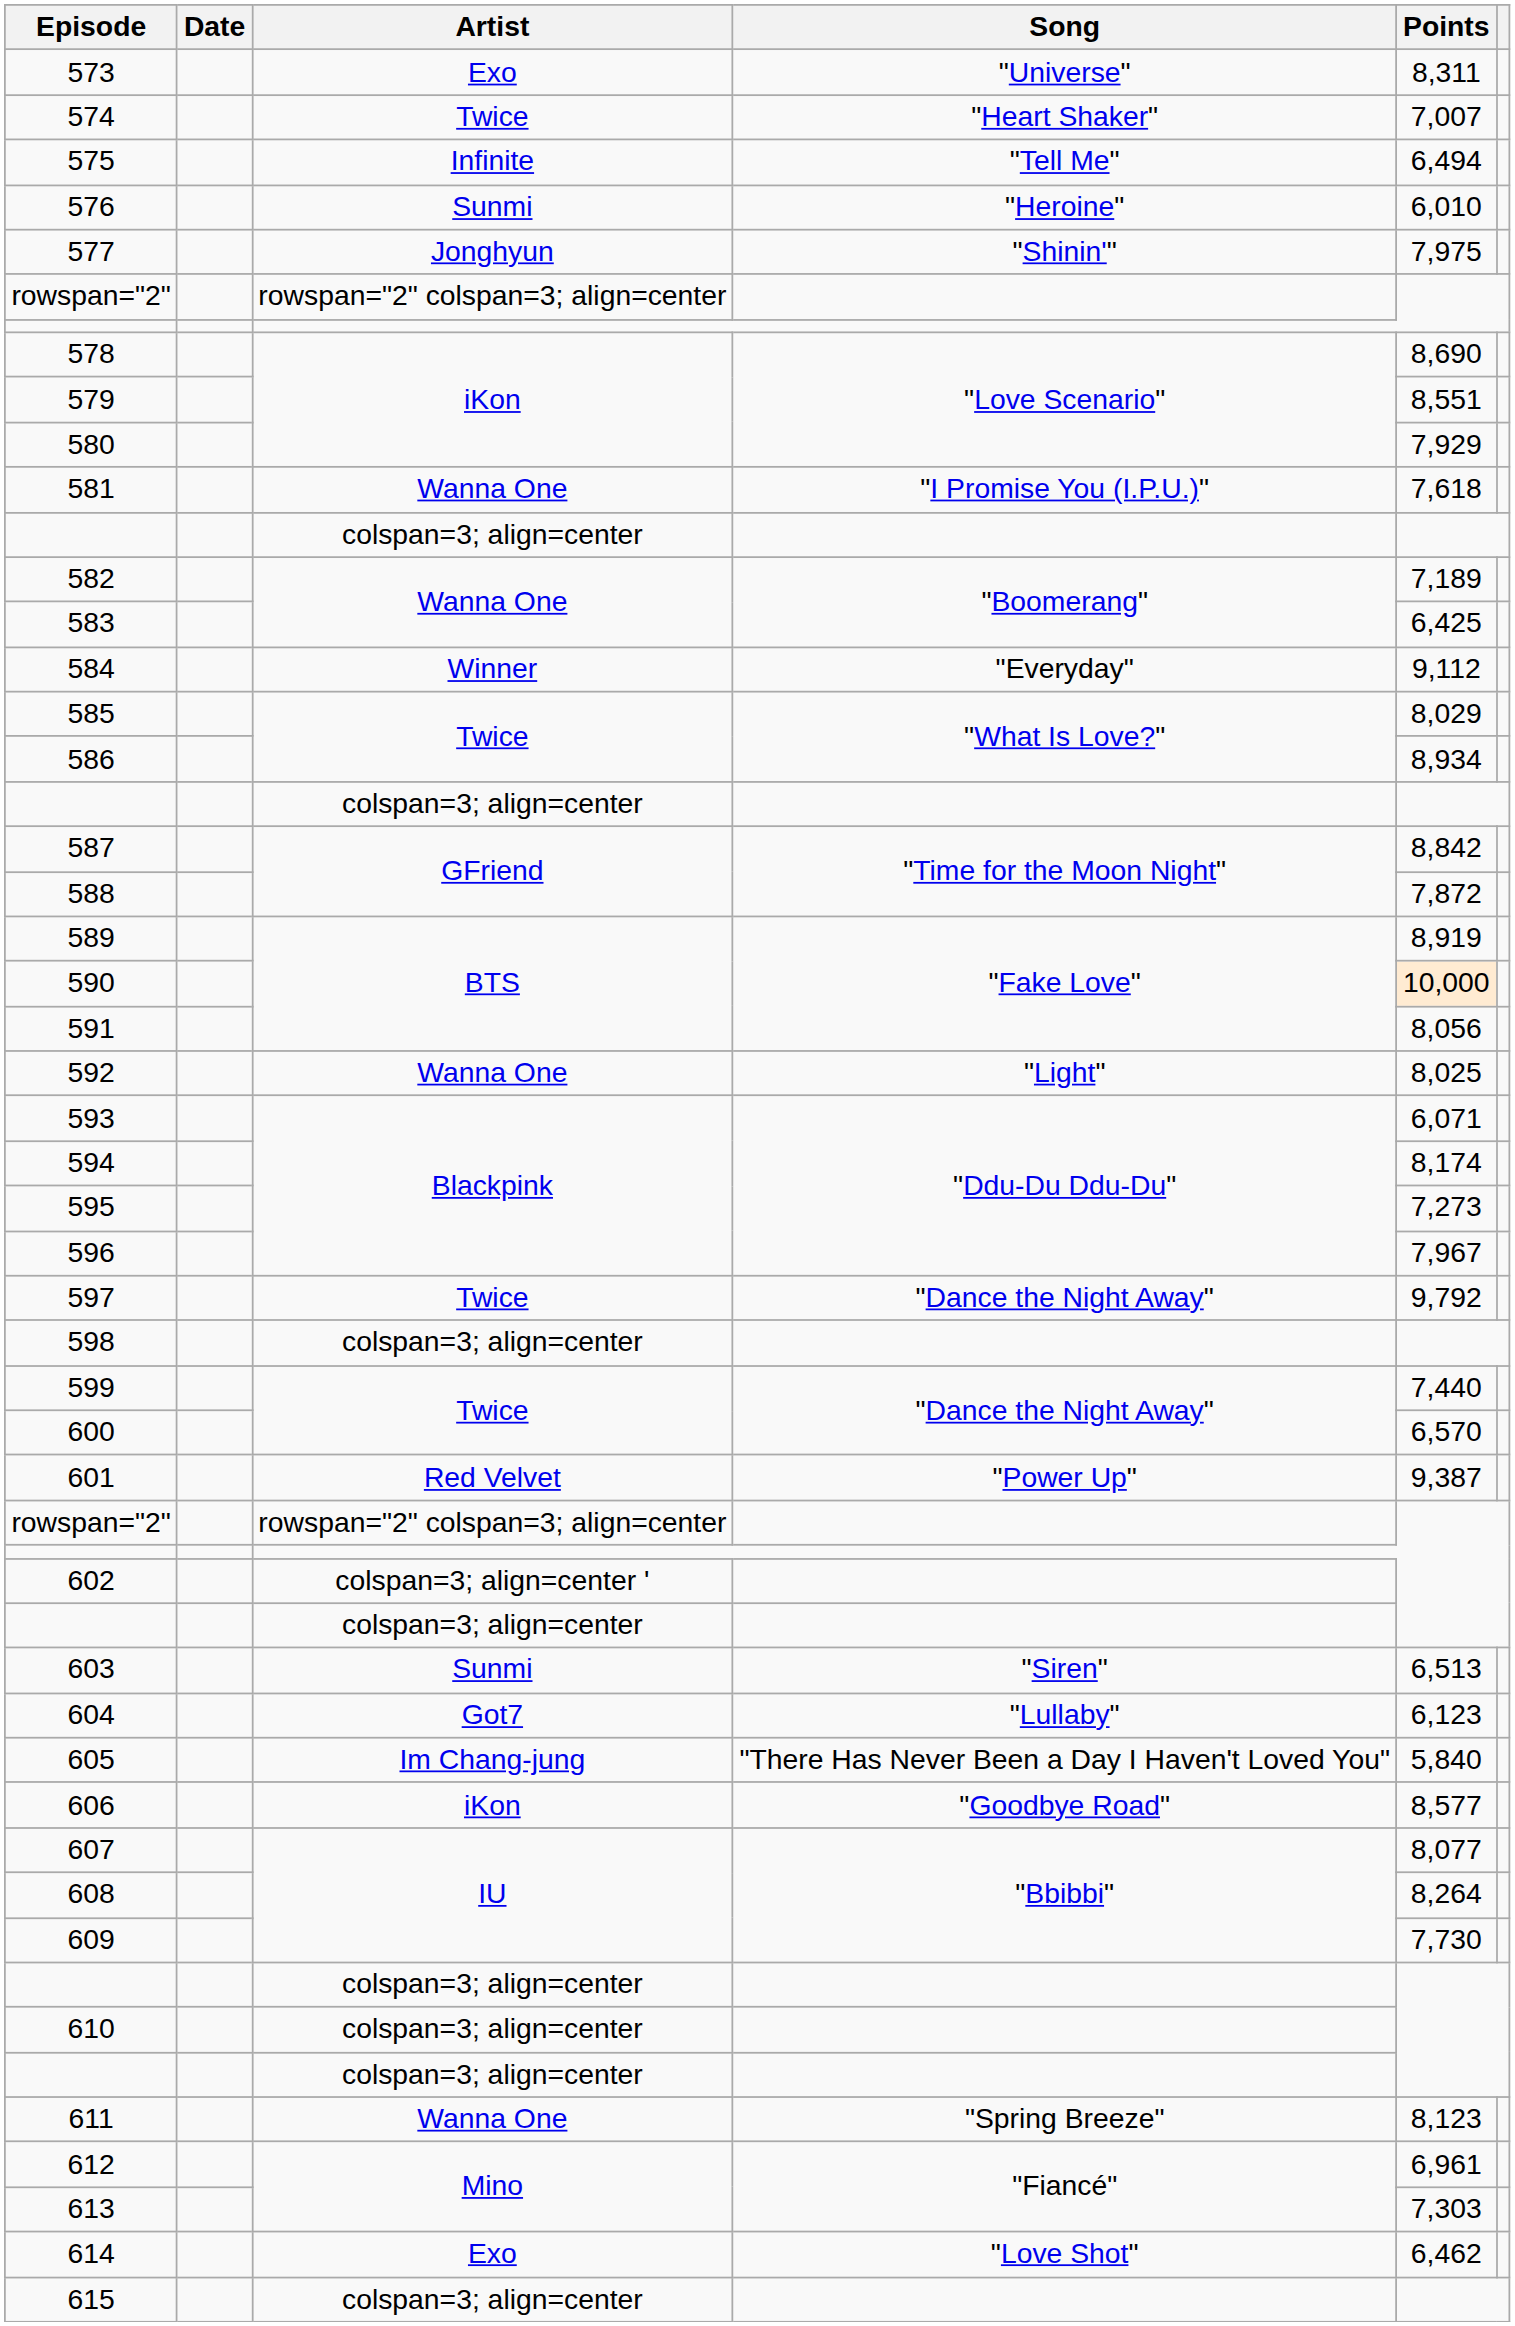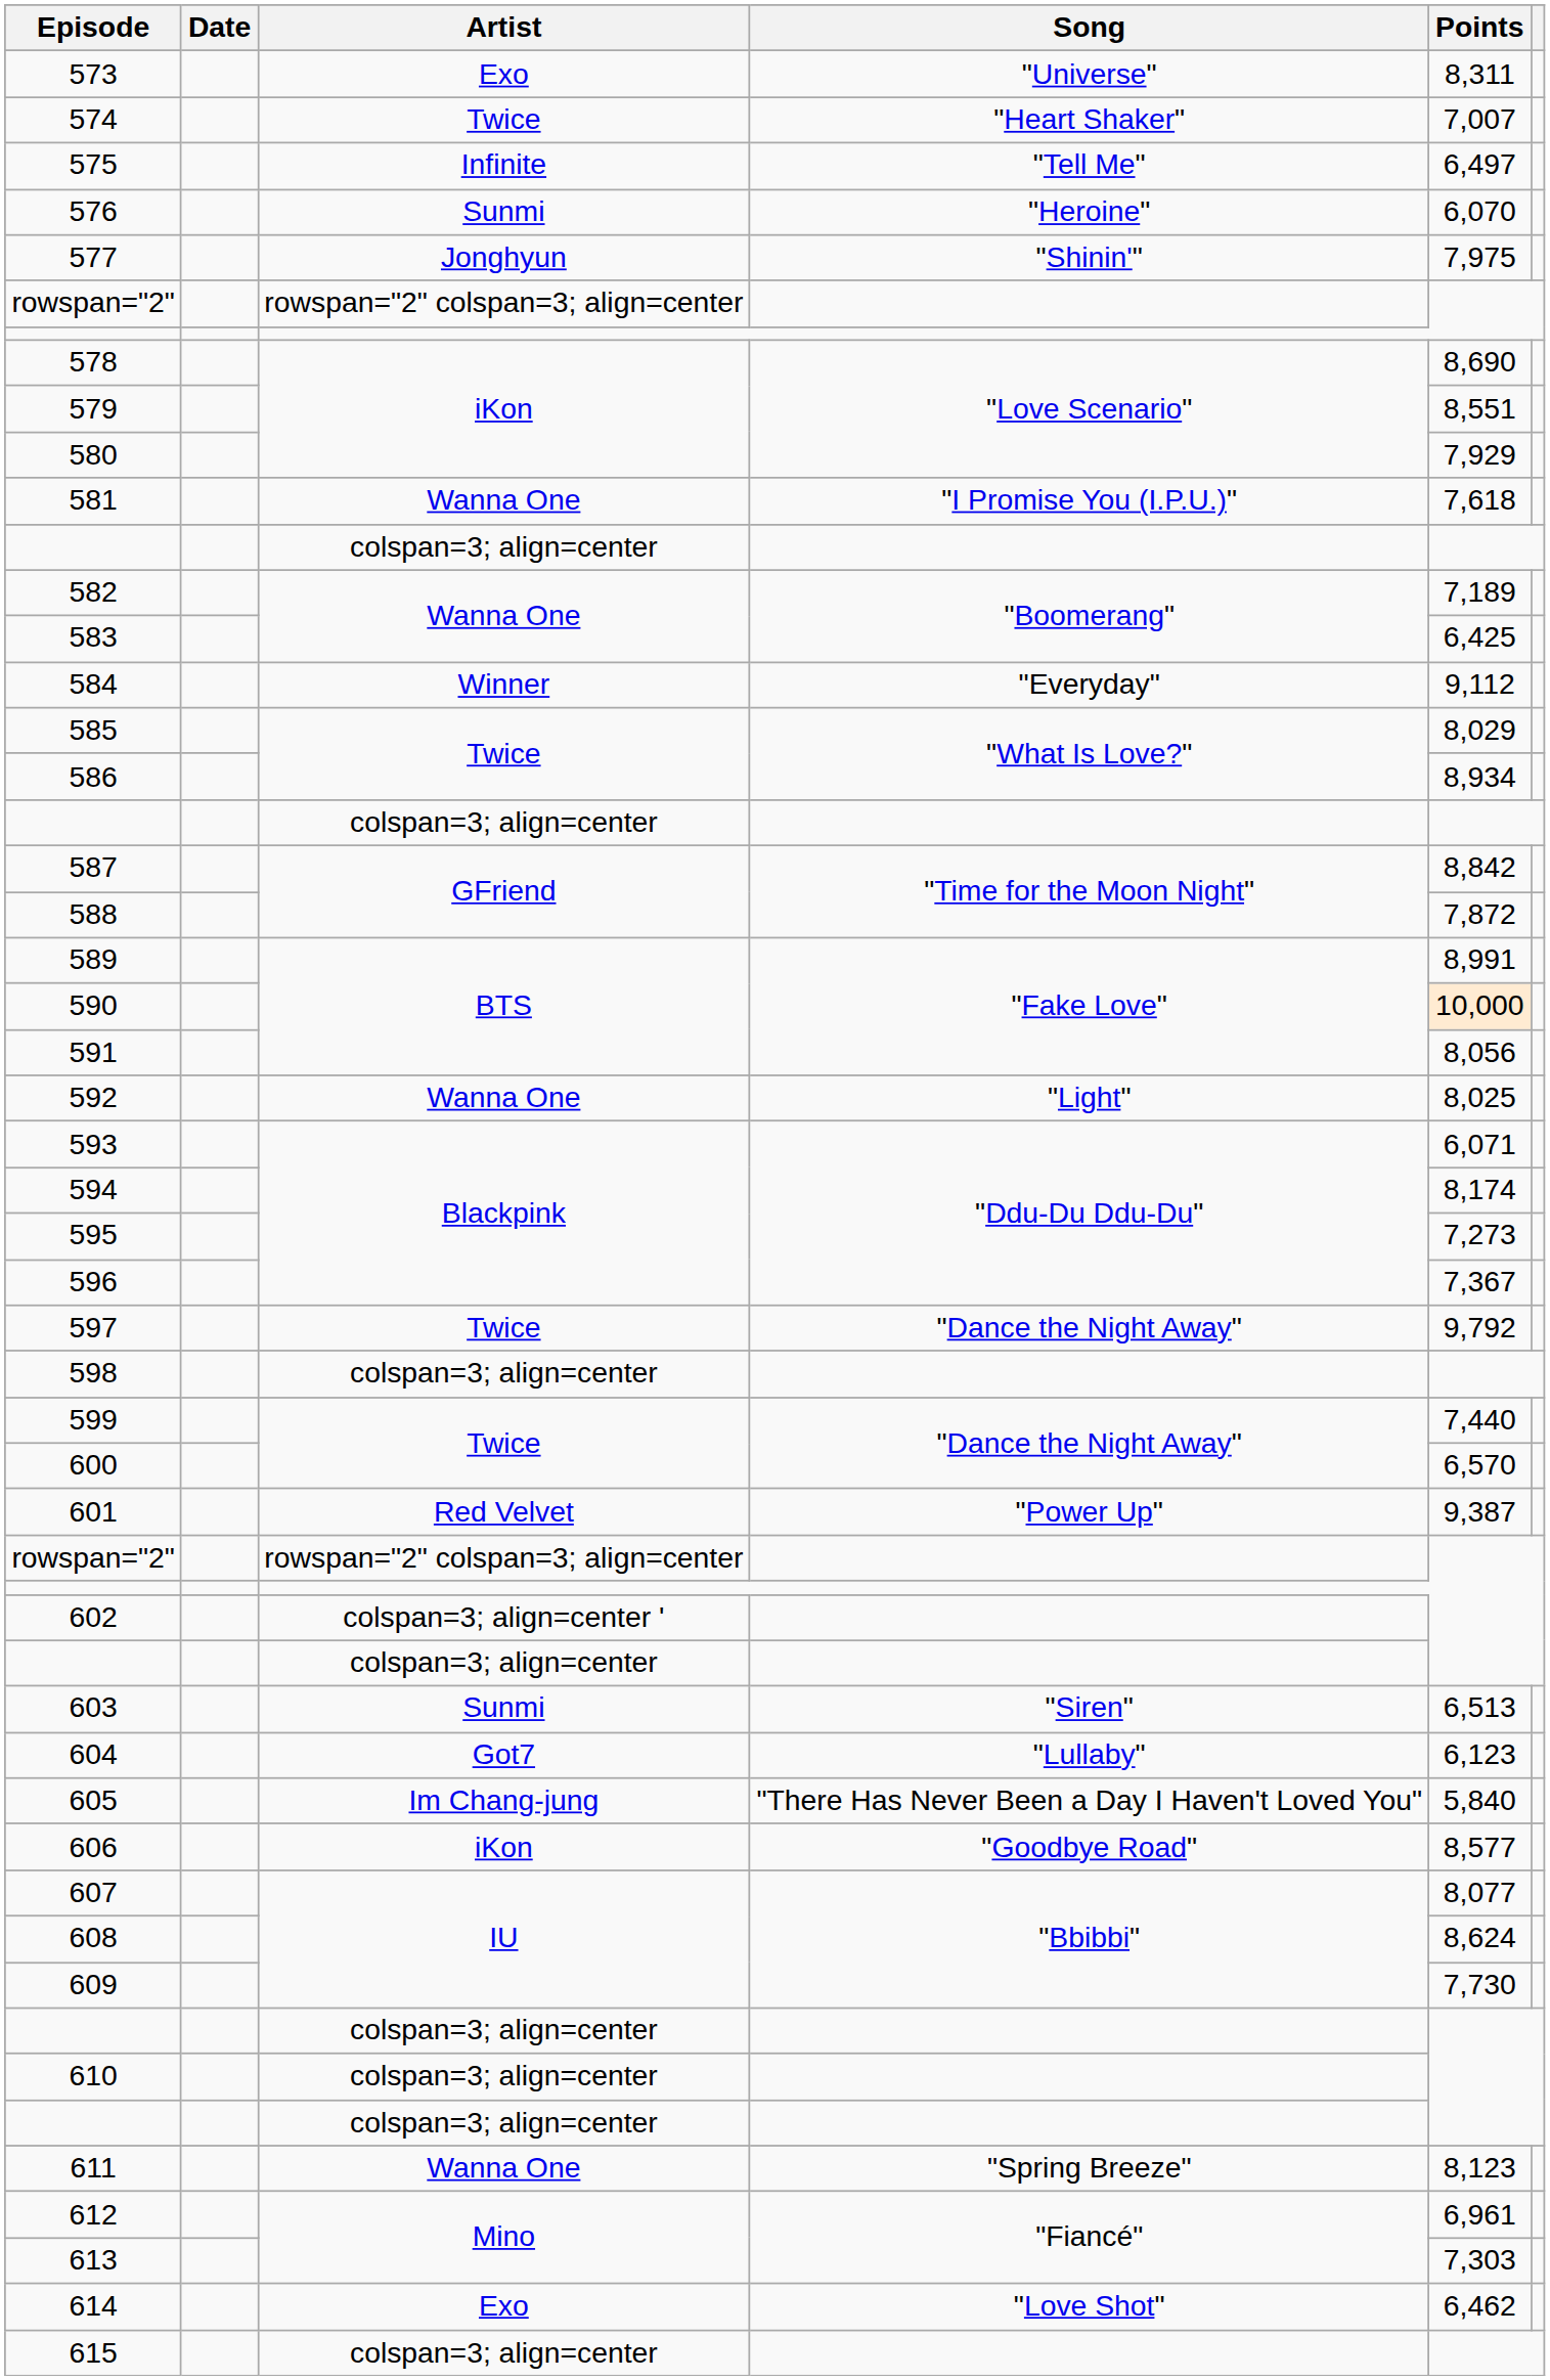 <table class="sortable wikitable" style="text-align:center">
 <tr>
 <th>Episode</th>
 <th>Date</th>
 <th>Artist</th>
 <th>Song</th>
 <th>Points</th>
 <th class="unsortable"></th>
 </tr>
 <tr>
 <td>573</td>
 <td></td>
 <td><a href='#'>Exo</a></td>
 <td>"<a href='#'>Universe</a>"</td>
 <td>8,311</td>
 <td></td>
 </tr>
 <tr>
 <td>574</td>
 <td></td>
 <td><a href='#'>Twice</a></td>
 <td>"<a href='#'>Heart Shaker</a>"</td>
 <td>7,007</td>
 <td></td>
 </tr>
 <tr>
 <td>575</td>
 <td></td>
 <td><a href='#'>Infinite</a></td>
 <td>"<a href='#'>Tell Me</a>"</td>
-<td>6,494</td>
+<td>6,497</td>
 <td></td>
 </tr>
 <tr>
 <td>576</td>
 <td></td>
 <td><a href='#'>Sunmi</a></td>
 <td>"<a href='#'>Heroine</a>"</td>
-<td>6,010</td>
+<td>6,070</td>
 <td></td>
 </tr>
 <tr>
 <td>577</td>
 <td></td>
 <td><a href='#'>Jonghyun</a></td>
 <td>"<a href='#'>Shinin'</a>"</td>
 <td>7,975</td>
 <td></td>
 </tr>
 <tr>
 <td>rowspan="2" </td>
 <td></td>
 <td>rowspan="2" colspan=3; align=center </td>
 <td></td>
 </tr>
 <tr>
 <td></td>
 <td></td>
 </tr>
 <tr>
 <td>578</td>
 <td></td>
 <td rowspan="3"><a href='#'>iKon</a></td>
 <td rowspan="3">"<a href='#'>Love Scenario</a>"</td>
 <td>8,690</td>
 <td></td>
 </tr>
 <tr>
 <td>579</td>
 <td></td>
 <td>8,551</td>
 <td></td>
 </tr>
 <tr>
 <td>580</td>
 <td></td>
 <td>7,929</td>
 <td></td>
 </tr>
 <tr>
 <td>581</td>
 <td></td>
 <td><a href='#'>Wanna One</a></td>
 <td>"<a href='#'>I Promise You (I.P.U.)</a>"</td>
 <td>7,618</td>
 <td></td>
 </tr>
 <tr>
 <td></td>
 <td></td>
 <td>colspan=3; align=center </td>
 <td></td>
 </tr>
 <tr>
 <td>582</td>
 <td></td>
 <td rowspan="2"><a href='#'>Wanna One</a></td>
 <td rowspan="2">"<a href='#'>Boomerang</a>"</td>
 <td>7,189</td>
 <td></td>
 </tr>
 <tr>
 <td>583</td>
 <td></td>
 <td>6,425</td>
 <td></td>
 </tr>
 <tr>
 <td>584</td>
 <td></td>
 <td><a href='#'>Winner</a></td>
 <td>"Everyday"</td>
 <td>9,112</td>
 <td></td>
 </tr>
 <tr>
 <td>585</td>
 <td></td>
 <td rowspan="2"><a href='#'>Twice</a></td>
 <td rowspan="2">"<a href='#'>What Is Love?</a>"</td>
 <td>8,029</td>
 <td></td>
 </tr>
 <tr>
 <td>586</td>
 <td></td>
 <td>8,934</td>
 <td></td>
 </tr>
 <tr>
 <td></td>
 <td></td>
 <td>colspan=3; align=center </td>
 <td></td>
 </tr>
 <tr>
 <td>587</td>
 <td></td>
 <td rowspan="2"><a href='#'>GFriend</a></td>
 <td rowspan="2">"<a href='#'>Time for the Moon Night</a>"</td>
 <td>8,842</td>
 <td></td>
 </tr>
 <tr>
 <td>588</td>
 <td></td>
 <td>7,872</td>
 <td></td>
 </tr>
 <tr>
 <td>589</td>
 <td></td>
 <td rowspan="3"><a href='#'>BTS</a></td>
 <td rowspan="3">"<a href='#'>Fake Love</a>"</td>
-<td>8,919</td>
+<td>8,991</td>
 <td></td>
 </tr>
 <tr>
 <td>590</td>
 <td></td>
 <td style="background:#ffebd2;">10,000</td>
 <td></td>
 </tr>
 <tr>
 <td>591</td>
 <td></td>
 <td>8,056</td>
 <td></td>
 </tr>
 <tr>
 <td>592</td>
 <td></td>
 <td><a href='#'>Wanna One</a></td>
 <td>"<a href='#'>Light</a>"</td>
 <td>8,025</td>
 <td></td>
 </tr>
 <tr>
 <td>593</td>
 <td></td>
 <td rowspan="4"><a href='#'>Blackpink</a></td>
 <td rowspan="4">"<a href='#'>Ddu-Du Ddu-Du</a>"</td>
 <td>6,071</td>
 <td></td>
 </tr>
 <tr>
 <td>594</td>
 <td></td>
 <td>8,174</td>
 <td></td>
 </tr>
 <tr>
 <td>595</td>
 <td></td>
 <td>7,273</td>
 <td></td>
 </tr>
 <tr>
 <td>596</td>
 <td></td>
-<td>7,967</td>
+<td>7,367</td>
 <td></td>
 </tr>
 <tr>
 <td>597</td>
 <td></td>
 <td><a href='#'>Twice</a></td>
 <td>"<a href='#'>Dance the Night Away</a>"</td>
 <td>9,792</td>
 <td></td>
 </tr>
 <tr>
 <td>598</td>
 <td></td>
 <td>colspan=3; align=center </td>
 <td></td>
 </tr>
 <tr>
 <td>599</td>
 <td></td>
 <td rowspan="2"><a href='#'>Twice</a></td>
 <td rowspan="2">"<a href='#'>Dance the Night Away</a>"</td>
 <td>7,440</td>
 <td></td>
 </tr>
 <tr>
 <td>600</td>
 <td></td>
 <td>6,570</td>
 <td></td>
 </tr>
 <tr>
 <td>601</td>
 <td></td>
 <td><a href='#'>Red Velvet</a></td>
 <td>"<a href='#'>Power Up</a>"</td>
 <td>9,387</td>
 <td></td>
 </tr>
 <tr>
 <td>rowspan="2" </td>
 <td></td>
 <td>rowspan="2" colspan=3; align=center </td>
 <td></td>
 </tr>
 <tr>
 <td></td>
 <td></td>
 </tr>
 <tr>
 <td>602</td>
 <td></td>
 <td>colspan=3; align=center '</td>
 <td></td>
 </tr>
 <tr>
 <td></td>
 <td></td>
 <td>colspan=3; align=center </td>
 <td></td>
 </tr>
 <tr>
 <td>603</td>
 <td></td>
 <td><a href='#'>Sunmi</a></td>
 <td>"<a href='#'>Siren</a>"</td>
 <td>6,513</td>
 <td></td>
 </tr>
 <tr>
 <td>604</td>
 <td></td>
 <td><a href='#'>Got7</a></td>
 <td>"<a href='#'>Lullaby</a>"</td>
 <td>6,123</td>
 <td></td>
 </tr>
 <tr>
 <td>605</td>
 <td></td>
 <td><a href='#'>Im Chang-jung</a></td>
 <td>"There Has Never Been a Day I Haven't Loved You"</td>
 <td>5,840</td>
 <td></td>
 </tr>
 <tr>
 <td>606</td>
 <td></td>
 <td><a href='#'>iKon</a></td>
 <td>"<a href='#'>Goodbye Road</a>"</td>
 <td>8,577</td>
 <td></td>
 </tr>
 <tr>
 <td>607</td>
 <td></td>
 <td rowspan="3"><a href='#'>IU</a></td>
 <td rowspan="3">"<a href='#'>Bbibbi</a>"</td>
 <td>8,077</td>
 <td></td>
 </tr>
 <tr>
 <td>608</td>
 <td></td>
-<td>8,264</td>
+<td>8,624</td>
 <td></td>
 </tr>
 <tr>
 <td>609</td>
 <td></td>
 <td>7,730</td>
 <td></td>
 </tr>
 <tr>
 <td></td>
 <td></td>
 <td>colspan=3; align=center </td>
 <td></td>
 </tr>
 <tr>
 <td>610</td>
 <td></td>
 <td>colspan=3; align=center </td>
 <td></td>
 </tr>
 <tr>
 <td></td>
 <td></td>
 <td>colspan=3; align=center </td>
 <td></td>
 </tr>
 <tr>
 <td>611</td>
 <td></td>
 <td><a href='#'>Wanna One</a></td>
 <td>"Spring Breeze"</td>
 <td>8,123</td>
 <td></td>
 </tr>
 <tr>
 <td>612</td>
 <td></td>
 <td rowspan="2"><a href='#'>Mino</a></td>
 <td rowspan="2">"Fiancé"</td>
 <td>6,961</td>
 <td></td>
 </tr>
 <tr>
 <td>613</td>
 <td></td>
 <td>7,303</td>
 <td></td>
 </tr>
 <tr>
 <td>614</td>
 <td></td>
 <td><a href='#'>Exo</a></td>
 <td>"<a href='#'>Love Shot</a>"</td>
 <td>6,462</td>
 <td></td>
 </tr>
 <tr>
 <td>615</td>
 <td></td>
 <td>colspan=3; align=center </td>
 <td></td>
 </tr>
 </table>
